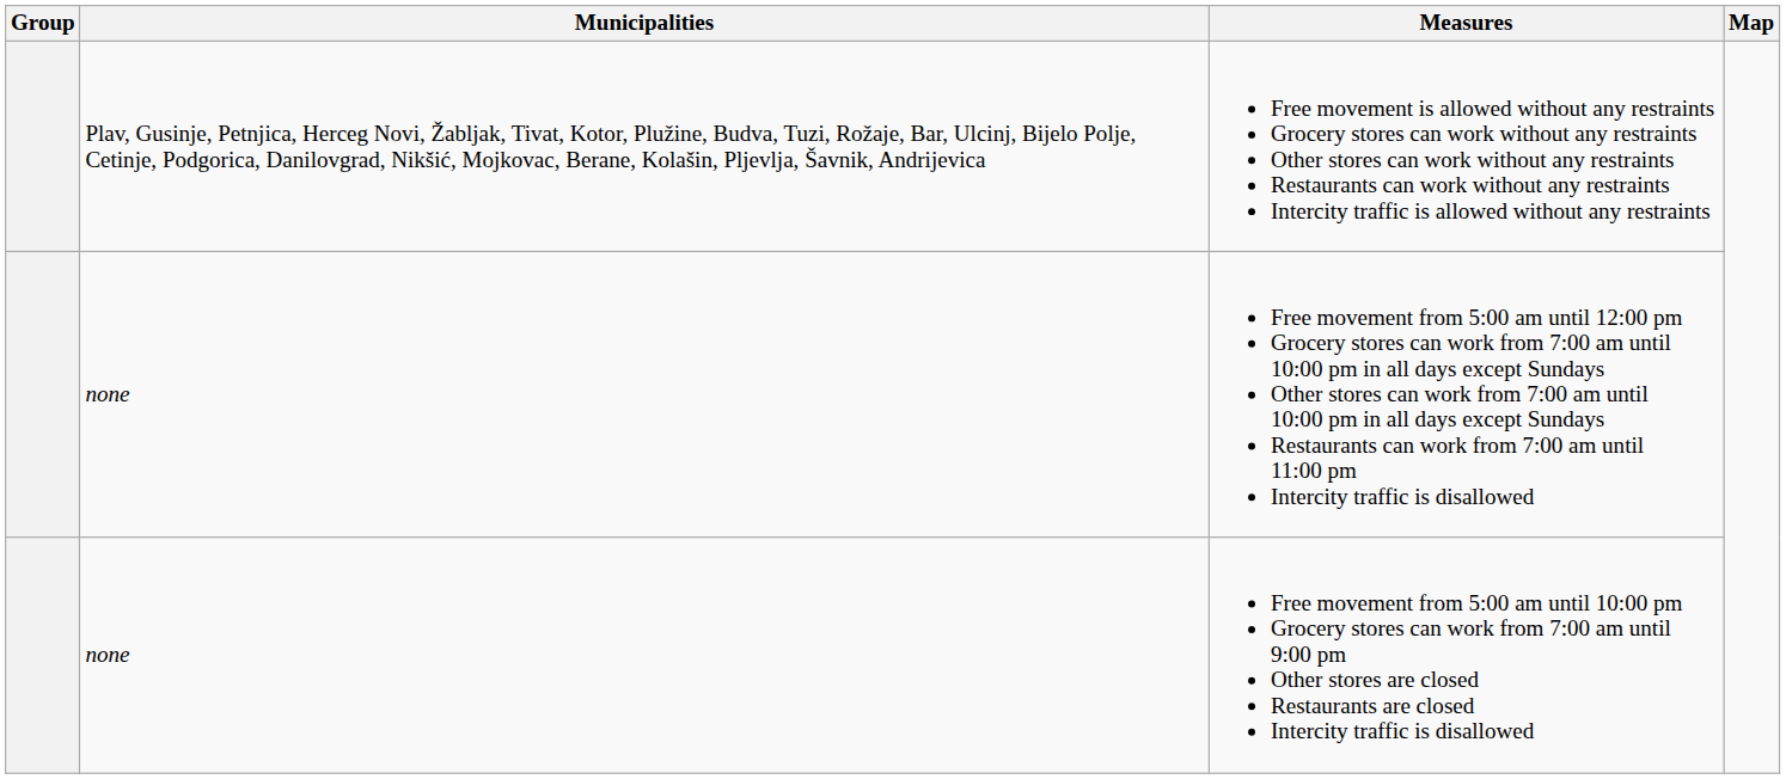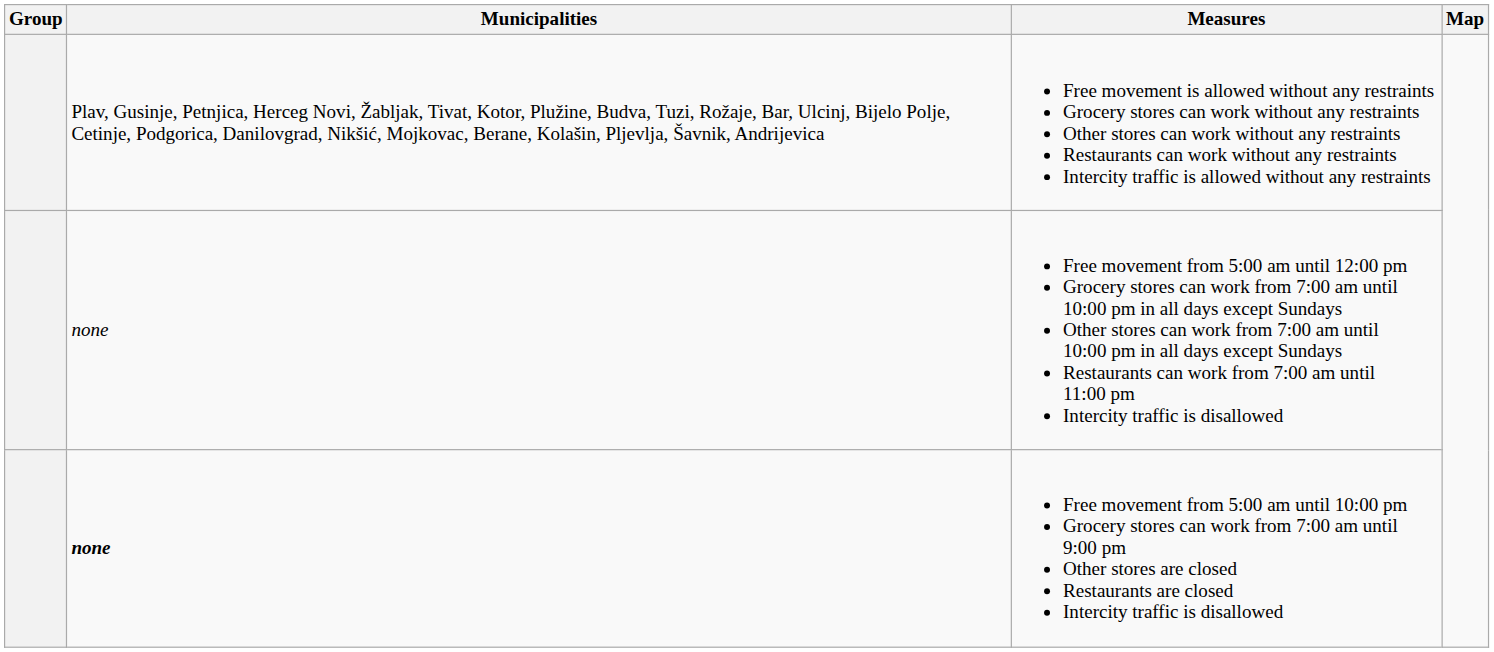 <table class="wikitable">
 <tr>
 <th>Group</th>
 <th>Municipalities</th>
 <th>Measures</th>
 <th>Map</th>
 </tr>
 <tr>
 <th></th>
 <td>Plav, Gusinje, Petnjica, Herceg Novi, Žabljak, Tivat, Kotor, Plužine, Budva, Tuzi, Rožaje, Bar, Ulcinj, Bijelo Polje, Cetinje, Podgorica, Danilovgrad, Nikšić, Mojkovac, Berane, Kolašin, Pljevlja, Šavnik, Andrijevica</td>
 <td><br><ul><li>Free movement is allowed without any restraints</li><li>Grocery stores can work without any restraints</li><li>Other stores can work without any restraints</li><li>Restaurants can work without any restraints</li><li>Intercity traffic is allowed without any restraints</li></ul></td>
 <td rowspan="3"></td>
 </tr>
 <tr>
 <th></th>
 <td><em>none</em></td>
 <td><br><ul><li>Free movement from 5:00 am until 12:00 pm</li><li>Grocery stores can work from 7:00 am until 10:00 pm in all days except Sundays</li><li>Other stores can work from 7:00 am until 10:00 pm in all days except Sundays</li><li>Restaurants can work from 7:00 am until 11:00 pm</li><li>Intercity traffic is disallowed</li></ul></td>
 </tr>
 <tr>
 <th></th>
-<td><em>none</em></td>
+<td><strong><em>none</em></strong></td>
 <td><br><ul><li>Free movement from 5:00 am until 10:00 pm</li><li>Grocery stores can work from 7:00 am until 9:00 pm</li><li>Other stores are closed</li><li>Restaurants are closed</li><li>Intercity traffic is disallowed</li></ul></td>
 </tr>
 </table>
